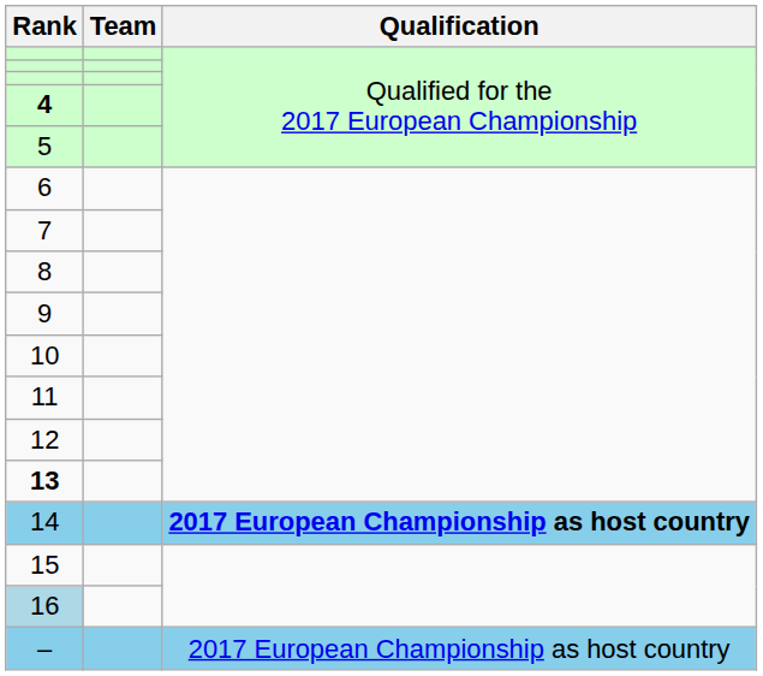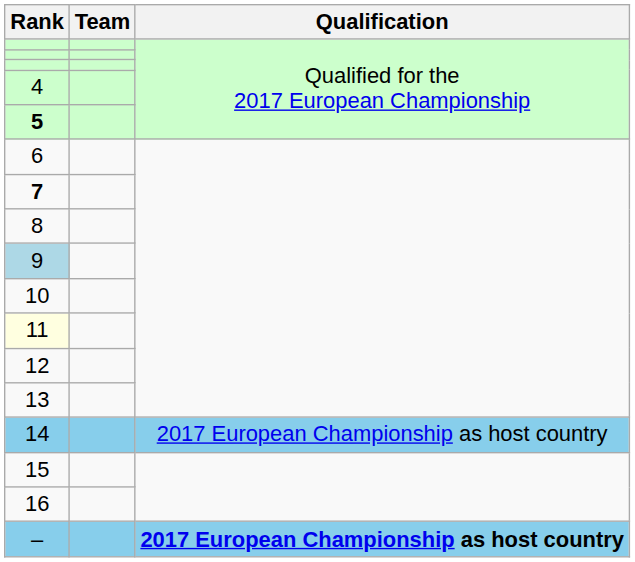 <table class="wikitable" style="text-align: center;">
 <tr>
 <th width=40>Rank</th>
 <th>Team</th>
 <th>Qualification</th>
 </tr>
 <tr bgcolor=#ccffcc>
 <td></td>
 <td align=left></td>
 <td rowspan=5>Qualified for the<br><a href='#'>2017 European Championship</a></td>
 </tr>
 <tr bgcolor=#ccffcc>
 <td></td>
 <td align=left></td>
 </tr>
 <tr bgcolor=#ccffcc>
 <td></td>
 <td align=left></td>
 </tr>
 <tr bgcolor=#ccffcc>
-<td><strong>4</strong></td>
+<td>4</td>
 <td align=left></td>
 </tr>
 <tr bgcolor=#ccffcc>
-<td>5</td>
+<td><strong>5</strong></td>
 <td align=left></td>
 </tr>
 <tr>
 <td>6</td>
 <td align=left></td>
 </tr>
 <tr>
-<td>7</td>
+<td><strong>7</strong></td>
 <td align=left></td>
 </tr>
 <tr>
 <td>8</td>
 <td align=left></td>
 </tr>
 <tr>
-<td>9</td>
+<td style="background: lightblue;">9</td>
 <td align=left></td>
 </tr>
 <tr>
 <td>10</td>
 <td align=left></td>
 </tr>
 <tr>
-<td>11</td>
+<td style="background: lightyellow;">11</td>
 <td align=left></td>
 </tr>
 <tr>
 <td>12</td>
 <td align=left></td>
 </tr>
 <tr>
-<td><strong>13</strong></td>
+<td>13</td>
 <td align=left></td>
 </tr>
 <tr bgcolor=#87ceeb>
 <td>14</td>
 <td align=left></td>
-<td><strong><a href='#'>2017 European Championship</a> as host country</strong></td>
+<td><a href='#'>2017 European Championship</a> as host country</td>
 </tr>
 <tr>
 <td>15</td>
 <td align=left></td>
 </tr>
 <tr>
-<td style="background: lightblue;">16</td>
+<td>16</td>
 <td align=left></td>
 </tr>
 <tr bgcolor=#87ceeb>
 <td>–</td>
 <td align=left></td>
-<td><a href='#'>2017 European Championship</a> as host country</td>
+<td><strong><a href='#'>2017 European Championship</a> as host country</strong></td>
 </tr>
 </table>
